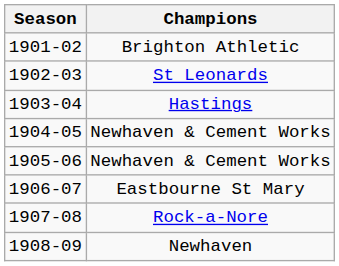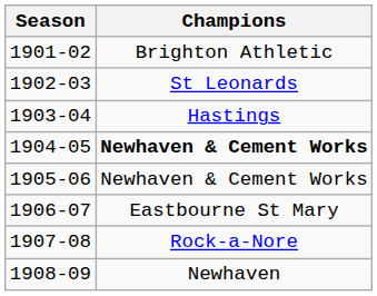 <table class="wikitable" style="text-align: center;">
 <tr>
 <th>Season</th>
 <th>Champions</th>
 </tr>
 <tr>
 <td>1901-02</td>
 <td>Brighton Athletic</td>
 </tr>
 <tr>
 <td>1902-03</td>
 <td><a href='#'>St Leonards</a></td>
 </tr>
 <tr>
 <td>1903-04</td>
 <td><a href='#'>Hastings</a></td>
 </tr>
 <tr>
 <td>1904-05</td>
-<td>Newhaven & Cement Works</td>
+<td><strong>Newhaven & Cement Works</strong></td>
 </tr>
 <tr>
 <td>1905-06</td>
 <td>Newhaven & Cement Works</td>
 </tr>
 <tr>
 <td>1906-07</td>
 <td>Eastbourne St Mary</td>
 </tr>
 <tr>
 <td>1907-08</td>
 <td><a href='#'>Rock-a-Nore</a></td>
 </tr>
 <tr>
 <td>1908-09</td>
 <td>Newhaven</td>
 </tr>
 </table>
